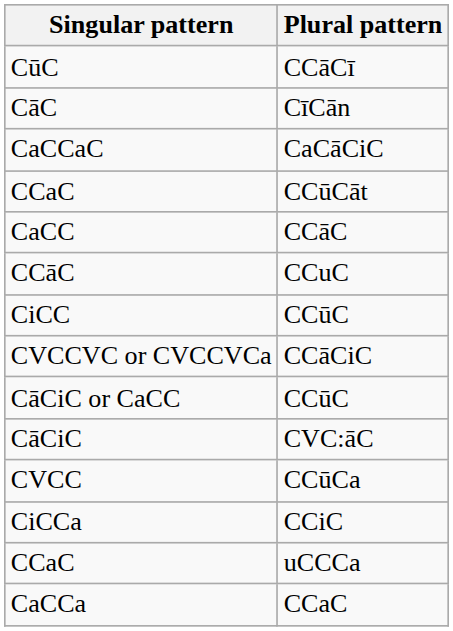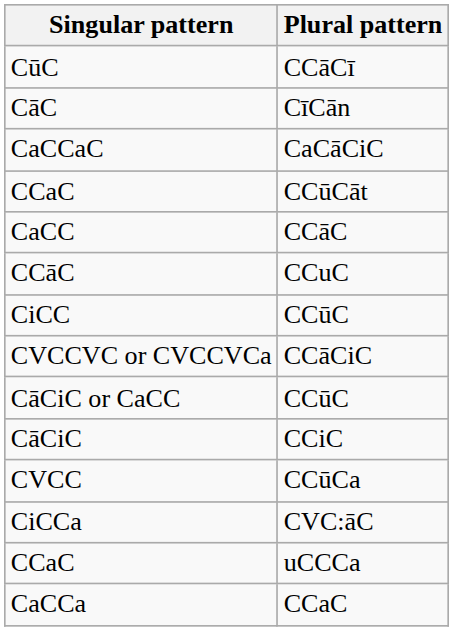 <table class="wikitable">
 <tr>
 <th>Singular pattern</th>
 <th>Plural pattern</th>
 </tr>
 <tr>
 <td>CūC</td>
 <td>CCāCī</td>
 </tr>
 <tr>
 <td>CāC</td>
 <td>CīCān</td>
 </tr>
 <tr>
 <td>CaCCaC</td>
 <td>CaCāCiC</td>
 </tr>
 <tr>
 <td>CCaC</td>
 <td>CCūCāt</td>
 </tr>
 <tr>
 <td>CaCC</td>
 <td>CCāC</td>
 </tr>
 <tr>
 <td>CCāC</td>
 <td>CCuC</td>
 </tr>
 <tr>
 <td>CiCC</td>
 <td>CCūC</td>
 </tr>
 <tr>
 <td>CVCCVC or CVCCVCa</td>
 <td>CCāCiC</td>
 </tr>
 <tr>
 <td>CāCiC or CaCC</td>
 <td>CCūC</td>
 </tr>
 <tr>
 <td>CāCiC</td>
-<td>CVC:āC</td>
+<td>CCiC</td>
 </tr>
 <tr>
 <td>CVCC</td>
 <td>CCūCa</td>
 </tr>
 <tr>
 <td>CiCCa</td>
-<td>CCiC</td>
+<td>CVC:āC</td>
 </tr>
 <tr>
 <td>CCaC</td>
 <td>uCCCa</td>
 </tr>
 <tr>
 <td>CaCCa</td>
 <td>CCaC</td>
 </tr>
 </table>
